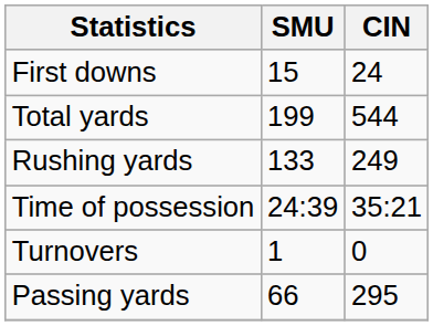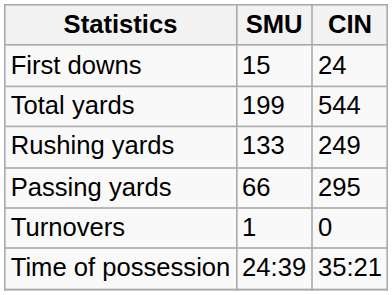 <table class="wikitable">
 <tr>
 <th>Statistics</th>
 <th>SMU</th>
 <th>CIN</th>
 </tr>
 <tr>
 <td>First downs</td>
 <td>15</td>
 <td>24</td>
 </tr>
 <tr>
 <td>Total yards</td>
 <td>199</td>
 <td>544</td>
 </tr>
 <tr>
 <td>Rushing yards</td>
 <td>133</td>
 <td>249</td>
 </tr>
 <tr>
-<td>Time of possession</td>
-<td>24:39</td>
-<td>35:21</td>
+<td>Passing yards</td>
+<td>66</td>
+<td>295</td>
 </tr>
 <tr>
 <td>Turnovers</td>
 <td>1</td>
 <td>0</td>
 </tr>
 <tr>
-<td>Passing yards</td>
-<td>66</td>
-<td>295</td>
+<td>Time of possession</td>
+<td>24:39</td>
+<td>35:21</td>
 </tr>
 <tr>
 </tr>
 </table>
